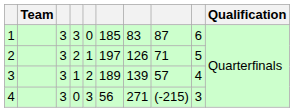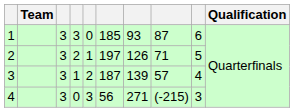 <table class="wikitable">
 <tr>
 <th></th>
 <th>Team</th>
 <th></th>
 <th></th>
 <th></th>
 <th></th>
 <th></th>
 <th></th>
 <th></th>
 <th>Qualification</th>
 </tr>
 <tr bgcolor=ccffcc>
 <td>1</td>
 <td></td>
 <td>3</td>
 <td>3</td>
 <td>0</td>
 <td>185</td>
-<td>83</td>
+<td>93</td>
 <td>87</td>
 <td>6</td>
 <td rowspan=4>Quarterfinals</td>
 </tr>
 <tr bgcolor=ccffcc>
 <td>2</td>
 <td></td>
 <td>3</td>
 <td>2</td>
 <td>1</td>
 <td>197</td>
 <td>126</td>
 <td>71</td>
 <td>5</td>
 </tr>
 <tr bgcolor=ccffcc>
 <td>3</td>
 <td></td>
 <td>3</td>
 <td>1</td>
 <td>2</td>
-<td>189</td>
+<td>187</td>
 <td>139</td>
 <td>57</td>
 <td>4</td>
 </tr>
 <tr bgcolor=ccffcc>
 <td>4</td>
 <td></td>
 <td>3</td>
 <td>0</td>
 <td>3</td>
 <td>56</td>
 <td>271</td>
 <td>(-215)</td>
 <td>3</td>
 </tr>
 </table>
